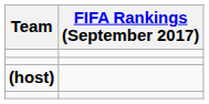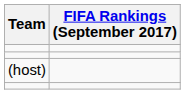 <table class="wikitable sortable" style="text-align: left;">
 <tr>
 <th>Team</th>
 <th><a href='#'>FIFA Rankings</a><br>(September 2017)</th>
 </tr>
 <tr>
 <td></td>
 <td></td>
 </tr>
 <tr>
 <td></td>
 <td></td>
 </tr>
 <tr>
-<td><strong> (host)</strong></td>
+<td> (host)</td>
 <td></td>
 </tr>
 <tr>
 <td></td>
 <td></td>
 </tr>
 </table>
